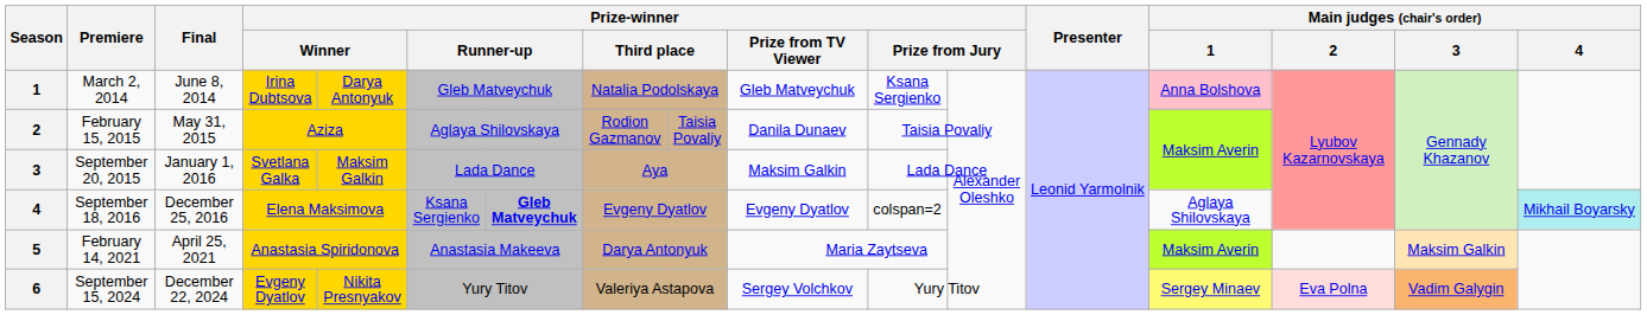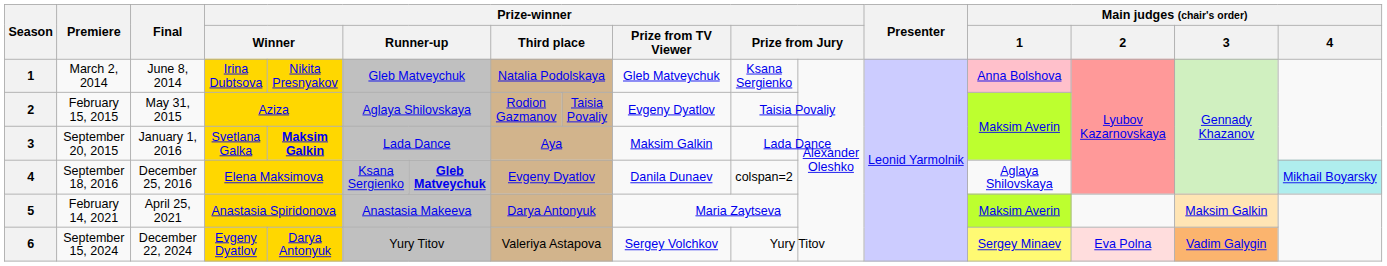 <table class="wikitable" style="text-align:center; font-size:90%; line-height:16px;" width="100%">
 <tr>
 <th rowspan=2 scope="col" width="2%">Season</th>
 <th rowspan=2 scope="col" width="5%">Premiere</th>
 <th rowspan=2 scope="col" width="5%">Final</th>
 <th colspan=9 scope="col" width="5%">Prize-winner</th>
 <th rowspan=2 scope="col" width="7%">Presenter</th>
 <th colspan=4 scope="col">Main judges <small>(chair's order)</small></th>
 </tr>
 <tr>
 <th colspan=2 scope="col" width="8%">Winner</th>
 <th colspan=2 scope="col" width="8%">Runner-up</th>
 <th colspan=2 scope="col" width="8%">Third place</th>
 <th scope="col" width="8%">Prize from TV Viewer</th>
 <th colspan=2 scope="col" width="8%">Prize from Jury</th>
 <th scope="col" width="7%">1</th>
 <th scope="col" width="7%">2</th>
 <th scope="col" width="7%">3</th>
 <th scope="col" width="7%">4</th>
 </tr>
 <tr>
 <th>1</th>
 <td>March 2, 2014</td>
 <td>June 8, 2014</td>
 <td style="background:gold;"><a href='#'>Irina Dubtsova</a></td>
-<td style="background:gold;"><a href='#'>Darya Antonyuk</a></td>
+<td style="background:gold;"><a href='#'>Nikita Presnyakov</a></td>
 <td colspan=2 style="background:silver;"><a href='#'>Gleb Matveychuk</a></td>
 <td colspan=2 style="background:tan;"><a href='#'>Natalia Podolskaya</a></td>
 <td><a href='#'>Gleb Matveychuk</a></td>
 <td><a href='#'>Ksana Sergienko</a></td>
 <td rowspan=6><a href='#'>Alexander Oleshko</a></td>
 <td rowspan=6 style="background:#ccccff"><a href='#'>Leonid Yarmolnik</a></td>
 <td style="background:pink;"><a href='#'>Anna Bolshova</a></td>
 <td rowspan=4 style="background:#ff9999"><a href='#'>Lyubov Kazarnovskaya</a></td>
 <td rowspan=4 style="background:#d0f0c0"><a href='#'>Gennady Khazanov</a></td>
 </tr>
 <tr>
 <th>2</th>
 <td>February 15, 2015</td>
 <td>May 31, 2015</td>
 <td colspan=2 style="background:gold;"><a href='#'>Aziza</a></td>
 <td colspan=2 style="background:silver;"><a href='#'>Aglaya Shilovskaya</a></td>
 <td style="background:tan;"><a href='#'>Rodion Gazmanov</a></td>
 <td style="background:tan;"><a href='#'>Taisia Povaliy</a></td>
-<td><a href='#'>Danila Dunaev</a></td>
+<td><a href='#'>Evgeny Dyatlov</a></td>
 <td colspan=2><a href='#'>Taisia Povaliy</a></td>
 <td rowspan=2 style="background:#bdff2f"><a href='#'>Maksim Averin</a></td>
 </tr>
 <tr>
 <th>3</th>
 <td>September 20, 2015</td>
 <td>January 1, 2016</td>
 <td style="background:gold;"><a href='#'>Svetlana Galka</a></td>
-<td style="background:gold;"><a href='#'>Maksim Galkin</a></td>
+<td style="background:gold;"><strong><a href='#'>Maksim Galkin</a></strong></td>
 <td colspan=2 style="background:silver;"><a href='#'>Lada Dance</a></td>
 <td colspan=2 style="background:tan;"><a href='#'>Aya</a></td>
 <td><a href='#'>Maksim Galkin</a></td>
 <td colspan=2><a href='#'>Lada Dance</a></td>
 </tr>
 <tr>
 <th>4</th>
 <td>September 18, 2016</td>
 <td>December 25, 2016</td>
 <td colspan=2 style="background:gold;"><a href='#'>Elena Maksimova</a></td>
 <td style="background:silver;"><a href='#'>Ksana Sergienko</a></td>
 <td style="background:silver;"><strong><a href='#'>Gleb Matveychuk</a></strong></td>
 <td colspan=2 style="background:tan;"><a href='#'>Evgeny Dyatlov</a></td>
-<td><a href='#'>Evgeny Dyatlov</a></td>
+<td><a href='#'>Danila Dunaev</a></td>
 <td>colspan=2 </td>
 <td><a href='#'>Aglaya Shilovskaya</a></td>
 <td style="background:#afeeee"><a href='#'>Mikhail Boyarsky</a></td>
 </tr>
 <tr>
 <th>5</th>
 <td>February 14, 2021</td>
 <td>April 25, 2021</td>
 <td colspan=2 style="background:gold;"><a href='#'>Anastasia Spiridonova</a></td>
 <td colspan=2 style="background:silver;"><a href='#'>Anastasia Makeeva</a></td>
 <td colspan=2 style="background:tan;"><a href='#'>Darya Antonyuk</a></td>
 <td colspan=3><a href='#'>Maria Zaytseva</a></td>
 <td style="background:#bdff2f"><a href='#'>Maksim Averin</a></td>
 <td></td>
 <td style="background:#ffe5b4"><a href='#'>Maksim Galkin</a></td>
 </tr>
 <tr>
 <th>6</th>
 <td>September 15, 2024</td>
 <td>December 22, 2024</td>
 <td style="background:gold;"><a href='#'>Evgeny Dyatlov</a></td>
-<td style="background:gold;"><a href='#'>Nikita Presnyakov</a></td>
+<td style="background:gold;"><a href='#'>Darya Antonyuk</a></td>
 <td colspan=2 style="background:silver;">Yury Titov</td>
 <td colspan=2 style="background:tan;">Valeriya Astapova</td>
 <td><a href='#'>Sergey Volchkov</a></td>
 <td colspan=2>Yury Titov</td>
 <td style="background:#fffa73"><a href='#'>Sergey Minaev</a></td>
 <td style="background:#ffdddd"><a href='#'>Eva Polna</a></td>
 <td style="background:#fbb46e"><a href='#'>Vadim Galygin</a></td>
 </tr>
 </table>
